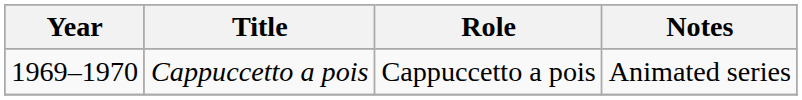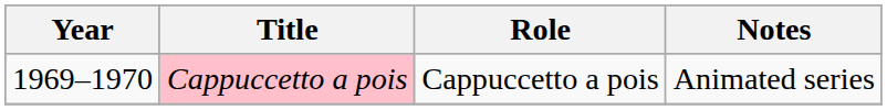 <table class="wikitable plainrowheaders sortable">
 <tr>
 <th scope="col">Year</th>
 <th scope="col">Title</th>
 <th scope="col">Role</th>
 <th scope="col">Notes</th>
 </tr>
 <tr>
 <td>1969–1970</td>
-<td><em>Cappuccetto a pois</em></td>
+<td style="background: pink;"><em>Cappuccetto a pois</em></td>
 <td>Cappuccetto a pois</td>
 <td>Animated series</td>
 </tr>
 <tr>
 </tr>
 </table>
